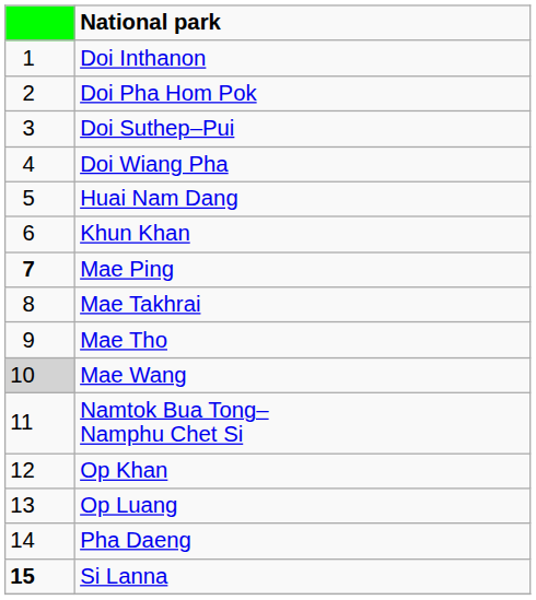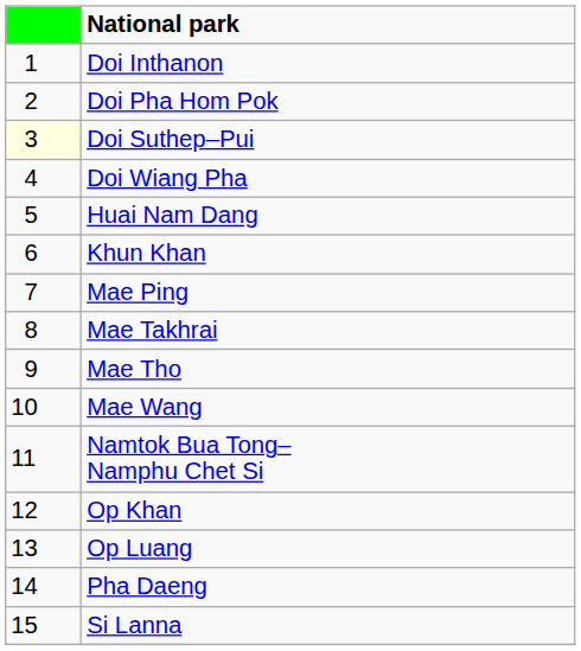 <table class= "wikitable" style= "width:30%; display:inline-table;">
 <tr>
 <td style="width:3%; background:#00FF00;"> </td>
 <td style="width:27%;"><strong>National park</strong></td>
 </tr>
 <tr>
 <td>  1</td>
 <td><a href='#'>Doi Inthanon</a></td>
 </tr>
 <tr>
 <td>  2</td>
 <td><a href='#'>Doi Pha Hom Pok</a></td>
 </tr>
 <tr>
-<td>  3</td>
+<td style="background: lightyellow;">  3</td>
 <td><a href='#'>Doi Suthep–Pui</a></td>
 </tr>
 <tr>
 <td>  4</td>
 <td><a href='#'>Doi Wiang Pha</a></td>
 </tr>
 <tr>
 <td>  5</td>
 <td><a href='#'>Huai Nam Dang</a></td>
 </tr>
 <tr>
 <td>  6</td>
 <td><a href='#'>Khun Khan</a></td>
 </tr>
 <tr>
-<td><strong>  7</strong></td>
+<td>  7</td>
 <td><a href='#'>Mae Ping</a></td>
 </tr>
 <tr>
 <td>  8</td>
 <td><a href='#'>Mae Takhrai</a></td>
 </tr>
 <tr>
 <td>  9</td>
 <td><a href='#'>Mae Tho</a></td>
 </tr>
 <tr>
-<td style="background: lightgrey;">10</td>
+<td>10</td>
 <td><a href='#'>Mae Wang</a></td>
 </tr>
 <tr>
 <td>11</td>
 <td><a href='#'>Namtok Bua Tong–<br>Namphu Chet Si</a></td>
 </tr>
 <tr>
 <td>12</td>
 <td><a href='#'>Op Khan</a></td>
 </tr>
 <tr>
 <td>13</td>
 <td><a href='#'>Op Luang</a></td>
 </tr>
 <tr>
 <td>14</td>
 <td><a href='#'>Pha Daeng</a></td>
 </tr>
 <tr>
-<td><strong>15</strong></td>
+<td>15</td>
 <td><a href='#'>Si Lanna</a></td>
 </tr>
 <tr>
 </tr>
 </table>
